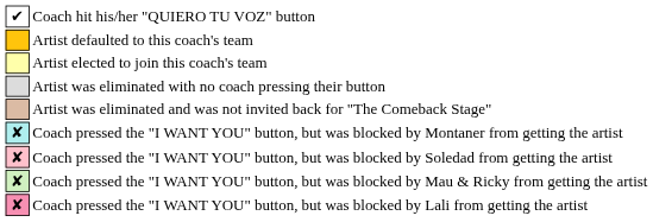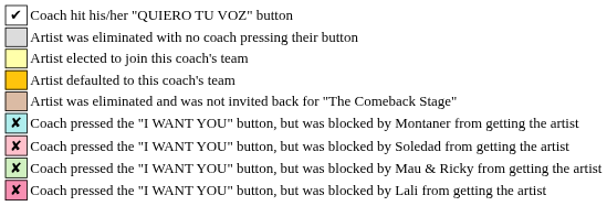 <table class="toccolours" style="font-size: 100%">
 <tr>
 <td style="background: white; border:1px solid black"> ✔ </td>
 <td>Coach hit his/her "QUIERO TU VOZ" button</td>
 </tr>
 <tr>
-<td style="background:#ffc40c; border:1px solid black">    </td>
-<td>Artist defaulted to this coach's team</td>
+<td style="background:#dcdcdc; border:1px solid black">    </td>
+<td>Artist was eliminated with no coach pressing their button</td>
 </tr>
 <tr>
 <td style="background:#ffffaa; border:1px solid black">    </td>
 <td>Artist elected to join this coach's team</td>
 </tr>
 <tr>
-<td style="background:#dcdcdc; border:1px solid black">    </td>
-<td>Artist was eliminated with no coach pressing their button</td>
+<td style="background:#ffc40c; border:1px solid black">    </td>
+<td>Artist defaulted to this coach's team</td>
 </tr>
 <tr>
 <td style="background:#dbbba4; border:1px solid black">    </td>
 <td>Artist was eliminated and was not invited back for "The Comeback Stage"</td>
 </tr>
 <tr>
 <td style="background:#afeeee; border:1px solid black"> ✘ </td>
 <td>Coach pressed the "I WANT YOU" button, but was blocked by Montaner from getting the artist</td>
 </tr>
 <tr>
 <td style="background:pink; border:1px solid black"> ✘ </td>
 <td>Coach pressed the "I WANT YOU" button, but was blocked by Soledad from getting the artist</td>
 </tr>
 <tr>
 <td style="background:#d0f0c0; border:1px solid black"> ✘ </td>
 <td>Coach pressed the "I WANT YOU" button, but was blocked by Mau & Ricky from getting the artist</td>
 </tr>
 <tr>
 <td style="background:#f78fb2; border:1px solid black"> ✘ </td>
 <td>Coach pressed the "I WANT YOU" button, but was blocked by Lali from getting the artist</td>
 </tr>
 </table>
